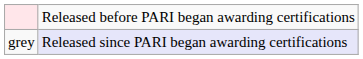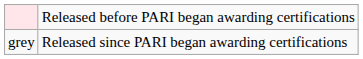 <table class=wikitable style="font-size:90%;">
 <tr>
 <td style="background-color:#ffe6ea; text-align:center;"></td>
 <td>Released before PARI began awarding certifications</td>
 </tr>
 <tr>
 <td style="background-color:#f9f9f9; text-align:center;">grey</td>
-<td style="background: lavender;">Released since PARI began awarding certifications</td>
+<td>Released since PARI began awarding certifications</td>
 </tr>
 </table>
